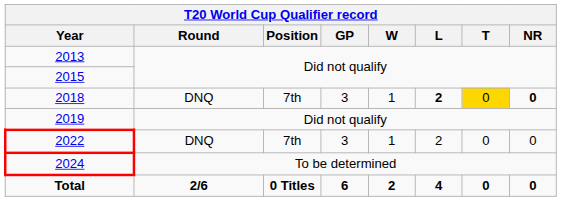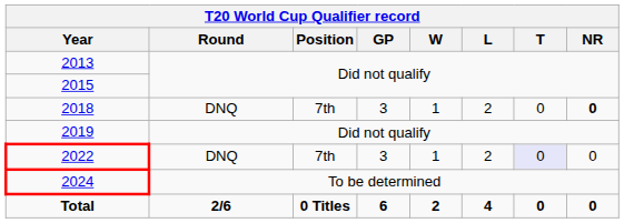 <table class="wikitable" style="text-align: center;">
 <tr>
 <th colspan=8><a href='#'>T20 World Cup Qualifier record</a></th>
 </tr>
 <tr>
 <th width=150>Year</th>
 <th width=150>Round</th>
 <th width=>Position</th>
 <th width=50>GP</th>
 <th width=50>W</th>
 <th width=50>L</th>
 <th width=50>T</th>
 <th width=50>NR</th>
 </tr>
 <tr>
 <td> <a href='#'>2013</a></td>
 <td colspan=7  rowspan=2>Did not qualify</td>
 </tr>
 <tr>
 <td> <a href='#'>2015</a></td>
 </tr>
 <tr>
 <td> <a href='#'>2018</a></td>
 <td>DNQ</td>
 <td>7th</td>
 <td>3</td>
 <td>1</td>
-<td><strong>2</strong></td>
-<td style="background: gold;">0</td>
+<td>2</td>
+<td>0</td>
 <td><strong>0</strong></td>
 </tr>
 <tr>
 <td> <a href='#'>2019</a></td>
 <td colspan=7  rowspan=1>Did not qualify</td>
 </tr>
 <tr>
 <td style="border: 3px solid red"> <a href='#'>2022</a></td>
 <td>DNQ</td>
 <td>7th</td>
 <td>3</td>
 <td>1</td>
 <td>2</td>
-<td>0</td>
+<td style="background: lavender;">0</td>
 <td>0</td>
 </tr>
 <tr>
 <td style="border: 3px solid red"> <a href='#'>2024</a></td>
 <td colspan=7  rowspan=1>To be determined</td>
 </tr>
 <tr>
 <td><strong>Total</strong></td>
 <td><strong>2/6</strong></td>
 <td><strong>0 Titles</strong></td>
 <td><strong>6</strong></td>
 <td><strong>2</strong></td>
 <td><strong>4</strong></td>
 <td><strong>0</strong></td>
 <td><strong>0</strong></td>
 </tr>
 </table>
